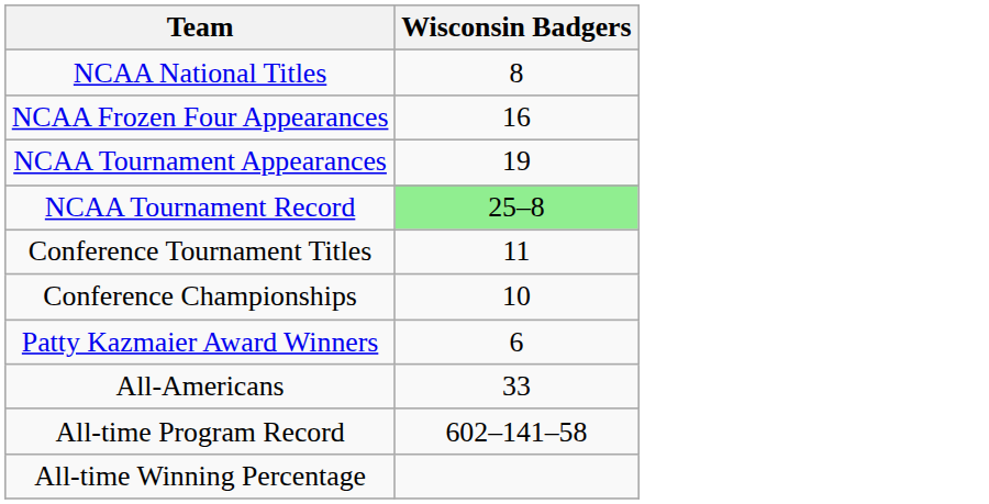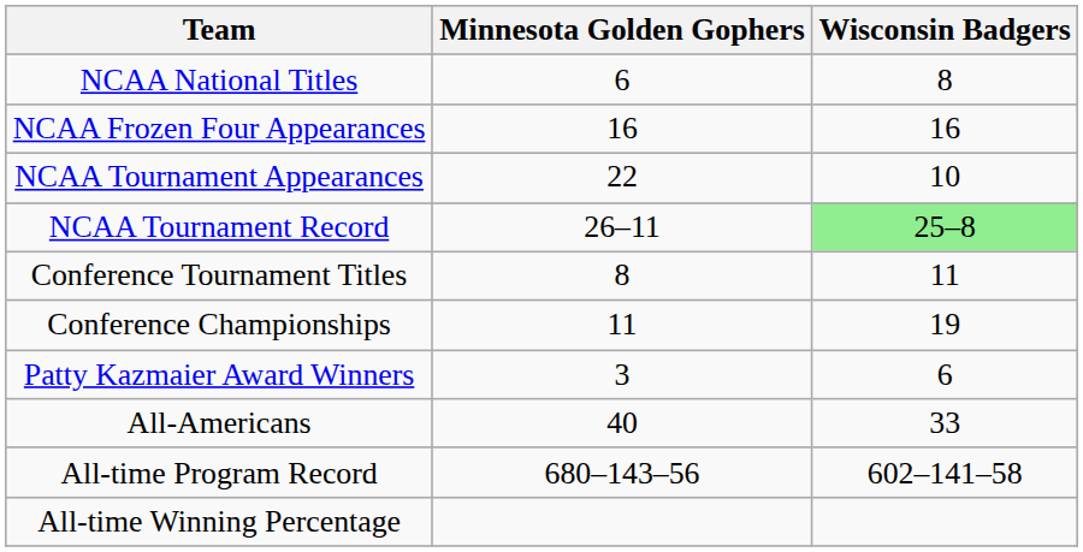 <table class="wikitable" style="text-align:center;">
 <tr>
 <th>Team</th>
+<th>Minnesota Golden Gophers</th>
 <th>Wisconsin Badgers</th>
 </tr>
 <tr>
 <td><a href='#'>NCAA National Titles</a></td>
+<td>6</td>
 <td>8</td>
 </tr>
 <tr>
 <td><a href='#'>NCAA Frozen Four Appearances</a></td>
 <td>16</td>
+<td>16</td>
 </tr>
 <tr>
 <td><a href='#'>NCAA Tournament Appearances</a></td>
-<td>19</td>
+<td>22</td>
+<td>10</td>
 </tr>
 <tr>
 <td><a href='#'>NCAA Tournament Record</a></td>
+<td>26–11</td>
 <td style="background: lightgreen;">25–8</td>
 </tr>
 <tr>
 <td>Conference Tournament Titles</td>
+<td>8</td>
 <td>11</td>
 </tr>
 <tr>
 <td>Conference Championships</td>
-<td>10</td>
+<td>11</td>
+<td>19</td>
 </tr>
 <tr>
 <td><a href='#'>Patty Kazmaier Award Winners</a></td>
+<td>3</td>
 <td>6</td>
 </tr>
 <tr>
 <td>All-Americans</td>
+<td>40</td>
 <td>33</td>
 </tr>
 <tr>
 <td>All-time Program Record</td>
+<td>680–143–56</td>
 <td>602–141–58</td>
 </tr>
 <tr>
 <td>All-time Winning Percentage</td>
 <td></td>
+<td></td>
 </tr>
 </table>
